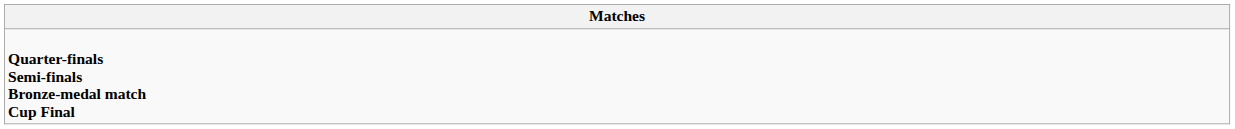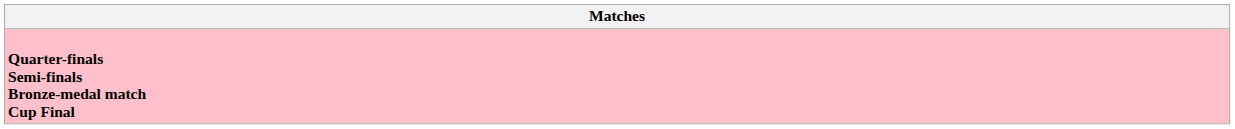 <table class="wikitable collapsible collapsed" style="width:100%;">
 <tr>
 <th>Matches</th>
 </tr>
 <tr>
-<td><br><strong>Quarter-finals</strong>    <br><strong>Semi-finals</strong>  <br><strong>Bronze-medal match</strong> <br><strong>Cup Final</strong> </td>
+<td style="background: pink;"><br><strong>Quarter-finals</strong>    <br><strong>Semi-finals</strong>  <br><strong>Bronze-medal match</strong> <br><strong>Cup Final</strong> </td>
 </tr>
 </table>
